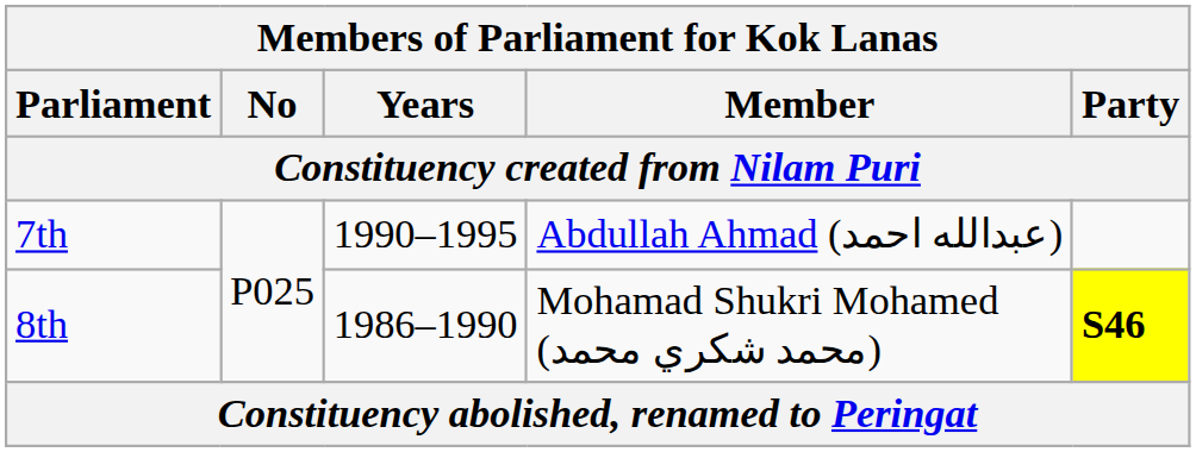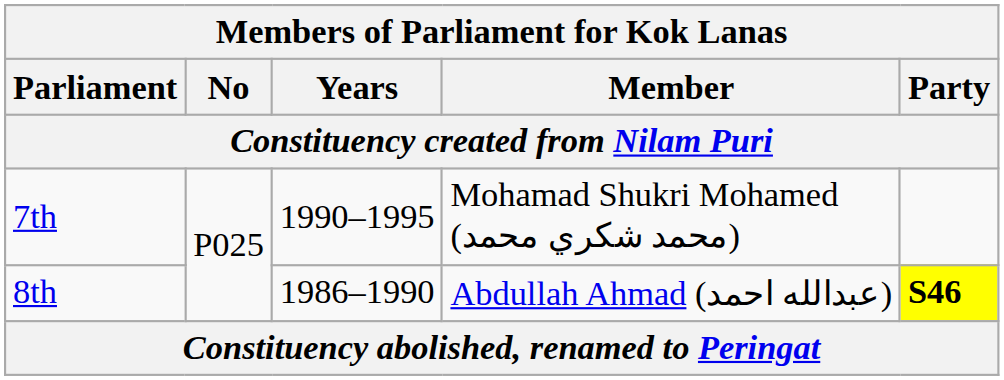 <table class=wikitable>
 <tr>
 <th colspan="5">Members of Parliament for Kok Lanas</th>
 </tr>
 <tr>
 <th>Parliament</th>
 <th>No</th>
 <th>Years</th>
 <th>Member</th>
 <th>Party</th>
 </tr>
 <tr>
 <th colspan="5" align="center"><em>Constituency created from <a href='#'>Nilam Puri</a></em></th>
 </tr>
 <tr>
 <td><a href='#'>7th</a></td>
 <td rowspan="2">P025</td>
 <td>1990–1995</td>
-<td><a href='#'>Abdullah Ahmad</a> (عبدالله احمد)</td>
+<td>Mohamad Shukri Mohamed <br>  (محمد شكري محمد)</td>
 <td></td>
 </tr>
 <tr>
 <td><a href='#'>8th</a></td>
 <td>1986–1990</td>
-<td>Mohamad Shukri Mohamed <br>  (محمد شكري محمد)</td>
+<td><a href='#'>Abdullah Ahmad</a> (عبدالله احمد)</td>
 <td bgcolor="yellow"><strong>S46</strong></td>
 </tr>
 <tr>
 <th colspan="5" align="center"><em>Constituency abolished, renamed to <a href='#'>Peringat</a></em></th>
 </tr>
 </table>
